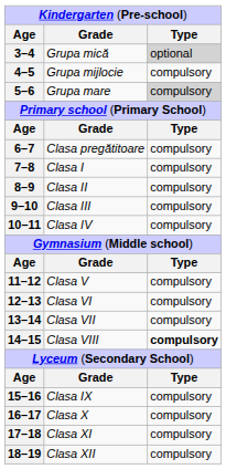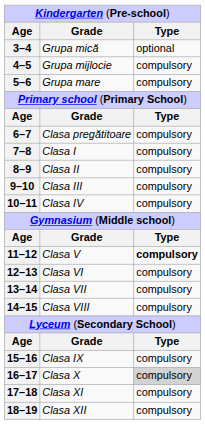 <table class="wikitable" style="float:right; margin:10px;">
 <tr>
 <td colspan="3" style="text-align:center; background:#ccf;"><strong><em><a href='#'>Kindergarten</a></em></strong> (<strong>Pre-school</strong>)</td>
 </tr>
 <tr style="background:#efefef;">
 <th>Age</th>
 <th>Grade</th>
 <th>Type</th>
 </tr>
 <tr>
 <th>3–4</th>
 <td><em>Grupa mică</em></td>
-<td style="background: lightgrey;">optional</td>
+<td>optional</td>
 </tr>
 <tr>
 <th>4–5</th>
 <td><em>Grupa mijlocie</em></td>
 <td>compulsory</td>
 </tr>
 <tr>
 <th>5–6</th>
 <td><em>Grupa mare</em></td>
-<td style="background: lightgrey;">compulsory</td>
+<td>compulsory</td>
 </tr>
 <tr>
 <td colspan="3" style="text-align:center; background:#ccf;"><strong><em><a href='#'>Primary school</a></em></strong> (<strong>Primary School</strong>)</td>
 </tr>
 <tr style="background:#efefef;">
 <th>Age</th>
 <th>Grade</th>
 <th>Type</th>
 </tr>
 <tr>
 <th>6–7</th>
 <td><em>Clasa pregătitoare</em></td>
 <td>compulsory</td>
 </tr>
 <tr>
 <th>7–8</th>
 <td><em>Clasa I</em></td>
 <td>compulsory</td>
 </tr>
 <tr>
 <th>8–9</th>
 <td><em>Clasa II</em></td>
 <td>compulsory</td>
 </tr>
 <tr>
 <th>9–10</th>
 <td><em>Clasa III</em></td>
 <td>compulsory</td>
 </tr>
 <tr>
 <th>10–11</th>
 <td><em>Clasa IV</em></td>
 <td>compulsory</td>
 </tr>
 <tr>
 <td colspan="3" style="text-align:center; background:#ccf;"><strong><em><a href='#'>Gymnasium</a></em></strong> (<strong>Middle school</strong>)</td>
 </tr>
 <tr style="background:#efefef;">
 <th>Age</th>
 <th>Grade</th>
 <th>Type</th>
 </tr>
 <tr>
 <th>11–12</th>
 <td><em>Clasa V</em></td>
-<td>compulsory</td>
+<td><strong>compulsory</strong></td>
 </tr>
 <tr>
 <th>12–13</th>
 <td><em>Clasa VI</em></td>
 <td>compulsory</td>
 </tr>
 <tr>
 <th>13–14</th>
 <td><em>Clasa VII</em></td>
 <td>compulsory</td>
 </tr>
 <tr>
 <th>14–15</th>
 <td><em>Clasa VIII</em></td>
-<td><strong>compulsory</strong></td>
+<td>compulsory</td>
 </tr>
 <tr>
 <td colspan="3"  style="text-align:center; background:#ccf;"><strong><em><a href='#'>Lyceum</a></em></strong> (<strong>Secondary School</strong>)</td>
 </tr>
 <tr style="background:#efefef;">
 <th>Age</th>
 <th>Grade</th>
 <th>Type</th>
 </tr>
 <tr>
 <th>15–16</th>
 <td><em>Clasa IX</em></td>
 <td>compulsory</td>
 </tr>
 <tr>
 <th>16–17</th>
 <td><em>Clasa X</em></td>
-<td>compulsory</td>
+<td style="background: lightgrey;">compulsory</td>
 </tr>
 <tr>
 <th>17–18</th>
 <td><em>Clasa XI</em></td>
 <td>compulsory</td>
 </tr>
 <tr>
 <th>18–19</th>
 <td><em>Clasa XII</em></td>
 <td>compulsory</td>
 </tr>
 </table>
